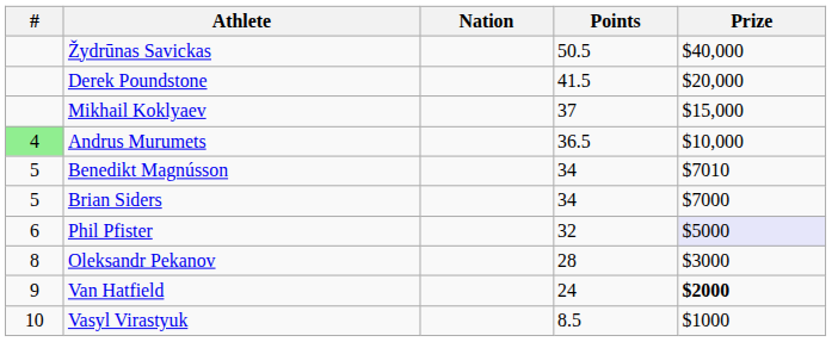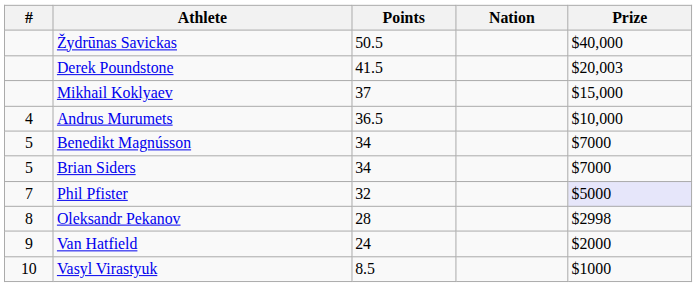 <table class="wikitable" style="display: inline-table;width: 55%;">
 <tr>
 <th scope="col">#</th>
 <th scope="col">Athlete</th>
+<th scope="col">Points</th>
 <th scope="col">Nation</th>
-<th scope="col">Points</th>
 <th scope="col">Prize</th>
 </tr>
 <tr>
 <td align="center"></td>
 <td><a href='#'>Žydrūnas Savickas</a></td>
+<td>50.5</td>
 <td></td>
-<td>50.5</td>
 <td>$40,000</td>
 </tr>
 <tr>
 <td align="center"></td>
 <td><a href='#'>Derek Poundstone</a></td>
+<td>41.5</td>
 <td></td>
-<td>41.5</td>
-<td>$20,000</td>
+<td>$20,003</td>
 </tr>
 <tr>
 <td align="center"></td>
 <td><a href='#'>Mikhail Koklyaev</a></td>
+<td>37</td>
 <td></td>
-<td>37</td>
 <td>$15,000</td>
 </tr>
 <tr>
-<td align="center" style="background: lightgreen;">4</td>
+<td align="center">4</td>
 <td><a href='#'>Andrus Murumets</a></td>
+<td>36.5</td>
 <td></td>
-<td>36.5</td>
 <td>$10,000</td>
 </tr>
 <tr>
 <td align="center">5</td>
 <td><a href='#'>Benedikt Magnússon</a></td>
+<td>34</td>
 <td></td>
-<td>34</td>
-<td>$7010</td>
+<td>$7000</td>
 </tr>
 <tr>
 <td align="center">5</td>
 <td><a href='#'>Brian Siders</a></td>
+<td>34</td>
 <td></td>
-<td>34</td>
 <td>$7000</td>
 </tr>
 <tr>
-<td align="center">6</td>
+<td align="center">7</td>
 <td><a href='#'>Phil Pfister</a></td>
+<td>32</td>
 <td></td>
-<td>32</td>
 <td style="background: lavender;">$5000</td>
 </tr>
 <tr>
 <td align="center">8</td>
 <td><a href='#'>Oleksandr Pekanov</a></td>
+<td>28</td>
 <td></td>
-<td>28</td>
-<td>$3000</td>
+<td>$2998</td>
 </tr>
 <tr>
 <td align="center">9</td>
 <td><a href='#'>Van Hatfield</a></td>
+<td>24</td>
 <td></td>
-<td>24</td>
-<td><strong>$2000</strong></td>
+<td>$2000</td>
 </tr>
 <tr>
 <td align="center">10</td>
 <td><a href='#'>Vasyl Virastyuk</a></td>
+<td>8.5</td>
 <td></td>
-<td>8.5</td>
 <td>$1000</td>
 </tr>
 </table>
